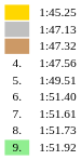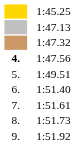 <table style="text-align:center">
 <tr>
 <td width=30 bgcolor=gold></td>
 <td align=left></td>
 <td width=60>1:45.25</td>
 </tr>
 <tr>
 <td bgcolor=silver></td>
 <td align=left></td>
 <td>1:47.13</td>
 </tr>
 <tr>
 <td bgcolor=cc9966></td>
 <td align=left></td>
 <td>1:47.32</td>
 </tr>
 <tr>
-<td>4.</td>
+<td><strong>4.</strong></td>
 <td align=left></td>
 <td>1:47.56</td>
 </tr>
 <tr>
 <td>5.</td>
 <td align=left></td>
 <td>1:49.51</td>
 </tr>
 <tr>
 <td>6.</td>
 <td align=left></td>
 <td>1:51.40</td>
 </tr>
 <tr>
 <td>7.</td>
 <td align=left></td>
 <td>1:51.61</td>
 </tr>
 <tr>
 <td>8.</td>
 <td align=left></td>
 <td>1:51.73</td>
 </tr>
 <tr>
-<td style="background: lightgreen;">9.</td>
+<td>9.</td>
 <td align=left></td>
 <td>1:51.92</td>
 </tr>
 </table>
